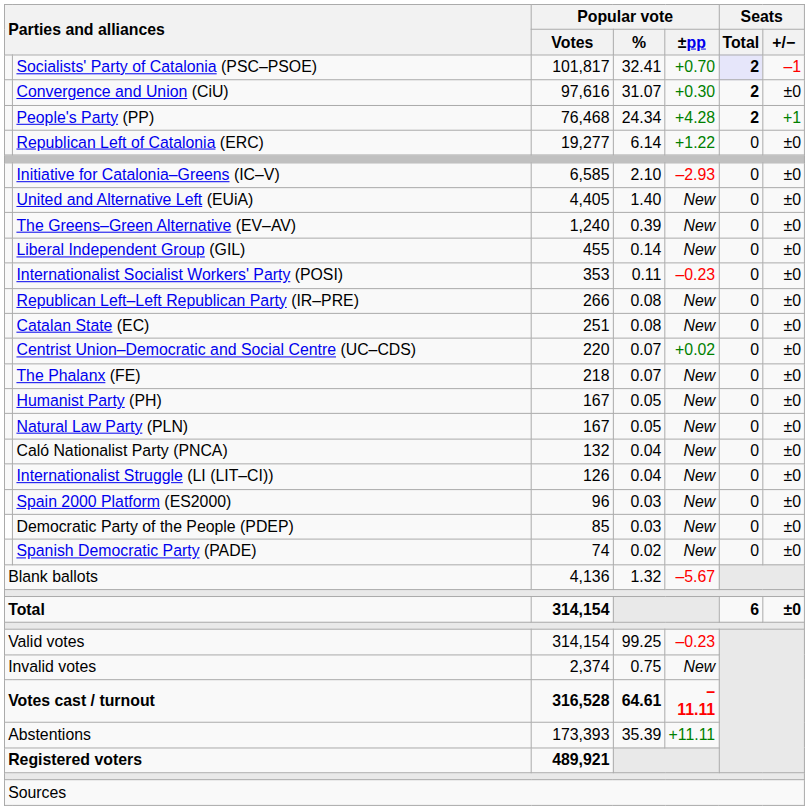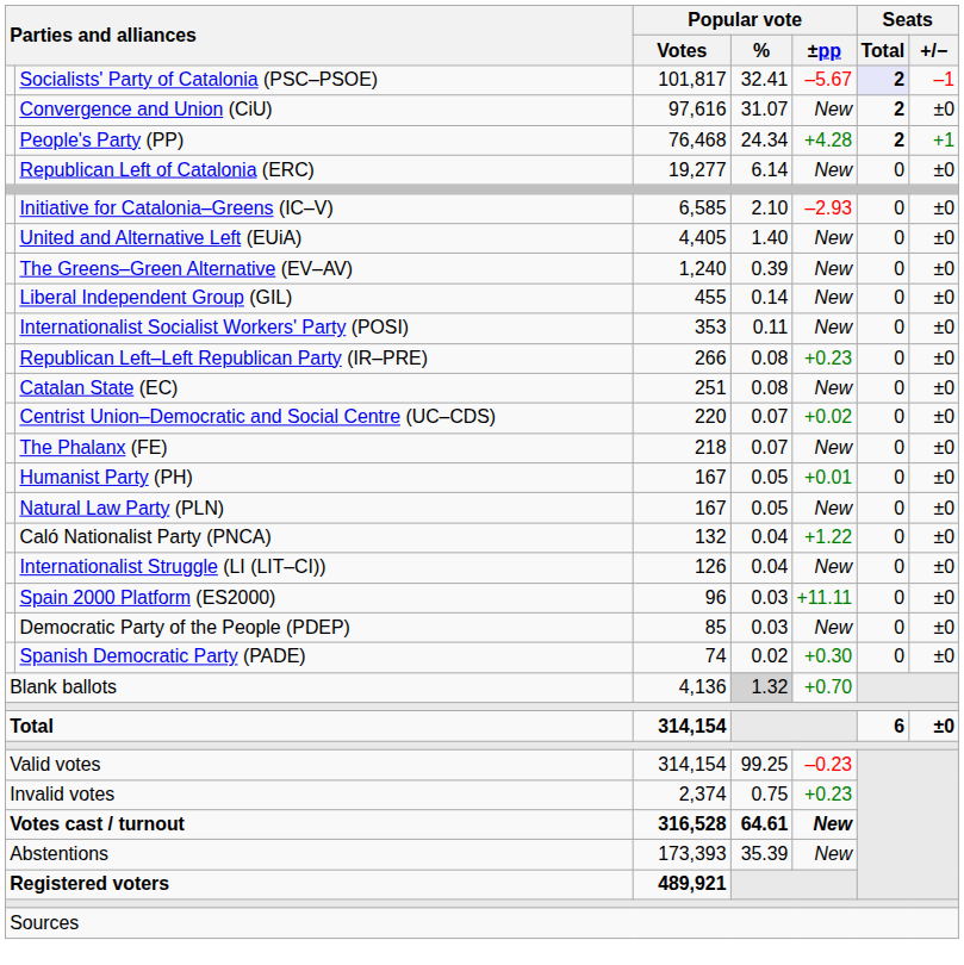 <table class="wikitable" style="text-align:right;">
 <tr>
 <th style="text-align:left;" rowspan="2" colspan="2" width="525">Parties and alliances</th>
 <th colspan="3">Popular vote</th>
 <th colspan="2">Seats</th>
 </tr>
 <tr>
 <th width="75">Votes</th>
 <th width="45">%</th>
 <th width="45">±<a href='#'>pp</a></th>
 <th width="35">Total</th>
 <th width="35">+/−</th>
 </tr>
 <tr>
 <td width="1" style="color:inherit;background:"></td>
 <td align="left"><a href='#'>Socialists' Party of Catalonia</a> (PSC–PSOE)</td>
 <td>101,817</td>
 <td>32.41</td>
-<td style="color:green;">+0.70</td>
+<td style="color:red;">–5.67</td>
 <td style="background: lavender;"><strong>2</strong></td>
 <td style="color:red;">–1</td>
 </tr>
 <tr>
 <td style="color:inherit;background:"></td>
 <td align="left"><a href='#'>Convergence and Union</a> (CiU)</td>
 <td>97,616</td>
 <td>31.07</td>
-<td style="color:green;">+0.30</td>
+<td><em>New</em></td>
 <td><strong>2</strong></td>
 <td>±0</td>
 </tr>
 <tr>
 <td style="color:inherit;background:"></td>
 <td align="left"><a href='#'>People's Party</a> (PP)</td>
 <td>76,468</td>
 <td>24.34</td>
 <td style="color:green;">+4.28</td>
 <td><strong>2</strong></td>
 <td style="color:green;">+1</td>
 </tr>
 <tr>
 <td style="color:inherit;background:"></td>
 <td align="left"><a href='#'>Republican Left of Catalonia</a> (ERC)</td>
 <td>19,277</td>
 <td>6.14</td>
-<td style="color:green;">+1.22</td>
+<td><em>New</em></td>
 <td>0</td>
 <td>±0</td>
 </tr>
 <tr>
 <td colspan="7" bgcolor="#C0C0C0"></td>
 </tr>
 <tr>
 <td style="color:inherit;background:"></td>
 <td align="left"><a href='#'>Initiative for Catalonia–Greens</a> (IC–V)</td>
 <td>6,585</td>
 <td>2.10</td>
 <td style="color:red;">–2.93</td>
 <td>0</td>
 <td>±0</td>
 </tr>
 <tr>
 <td style="color:inherit;background:"></td>
 <td align="left"><a href='#'>United and Alternative Left</a> (EUiA)</td>
 <td>4,405</td>
 <td>1.40</td>
 <td><em>New</em></td>
 <td>0</td>
 <td>±0</td>
 </tr>
 <tr>
 <td style="color:inherit;background:"></td>
 <td align="left"><a href='#'>The Greens–Green Alternative</a> (EV–AV)</td>
 <td>1,240</td>
 <td>0.39</td>
 <td><em>New</em></td>
 <td>0</td>
 <td>±0</td>
 </tr>
 <tr>
 <td style="color:inherit;background:"></td>
 <td align="left"><a href='#'>Liberal Independent Group</a> (GIL)</td>
 <td>455</td>
 <td>0.14</td>
 <td><em>New</em></td>
 <td>0</td>
 <td>±0</td>
 </tr>
 <tr>
 <td style="color:inherit;background:"></td>
 <td align="left"><a href='#'>Internationalist Socialist Workers' Party</a> (POSI)</td>
 <td>353</td>
 <td>0.11</td>
-<td style="color:red;">–0.23</td>
+<td><em>New</em></td>
 <td>0</td>
 <td>±0</td>
 </tr>
 <tr>
 <td style="color:inherit;background:"></td>
 <td align="left"><a href='#'>Republican Left–Left Republican Party</a> (IR–PRE)</td>
 <td>266</td>
 <td>0.08</td>
-<td><em>New</em></td>
+<td style="color:green;">+0.23</td>
 <td>0</td>
 <td>±0</td>
 </tr>
 <tr>
 <td style="color:inherit;background:"></td>
 <td align="left"><a href='#'>Catalan State</a> (EC)</td>
 <td>251</td>
 <td>0.08</td>
 <td><em>New</em></td>
 <td>0</td>
 <td>±0</td>
 </tr>
 <tr>
 <td style="color:inherit;background:"></td>
 <td align="left"><a href='#'>Centrist Union–Democratic and Social Centre</a> (UC–CDS)</td>
 <td>220</td>
 <td>0.07</td>
 <td style="color:green;">+0.02</td>
 <td>0</td>
 <td>±0</td>
 </tr>
 <tr>
 <td style="color:inherit;background:"></td>
 <td align="left"><a href='#'>The Phalanx</a> (FE)</td>
 <td>218</td>
 <td>0.07</td>
 <td><em>New</em></td>
 <td>0</td>
 <td>±0</td>
 </tr>
 <tr>
 <td style="color:inherit;background:"></td>
 <td align="left"><a href='#'>Humanist Party</a> (PH)</td>
 <td>167</td>
 <td>0.05</td>
-<td><em>New</em></td>
+<td style="color:green;">+0.01</td>
 <td>0</td>
 <td>±0</td>
 </tr>
 <tr>
 <td style="color:inherit;background:"></td>
 <td align="left"><a href='#'>Natural Law Party</a> (PLN)</td>
 <td>167</td>
 <td>0.05</td>
 <td><em>New</em></td>
 <td>0</td>
 <td>±0</td>
 </tr>
 <tr>
 <td style="color:inherit;background:"></td>
 <td align="left">Caló Nationalist Party (PNCA)</td>
 <td>132</td>
 <td>0.04</td>
-<td><em>New</em></td>
+<td style="color:green;">+1.22</td>
 <td>0</td>
 <td>±0</td>
 </tr>
 <tr>
 <td style="color:inherit;background:"></td>
 <td align="left"><a href='#'>Internationalist Struggle</a> (LI (LIT–CI))</td>
 <td>126</td>
 <td>0.04</td>
 <td><em>New</em></td>
 <td>0</td>
 <td>±0</td>
 </tr>
 <tr>
 <td style="color:inherit;background:"></td>
 <td align="left"><a href='#'>Spain 2000 Platform</a> (ES2000)</td>
 <td>96</td>
 <td>0.03</td>
-<td><em>New</em></td>
+<td style="color:green;">+11.11</td>
 <td>0</td>
 <td>±0</td>
 </tr>
 <tr>
 <td bgcolor="white"></td>
 <td align="left">Democratic Party of the People (PDEP)</td>
 <td>85</td>
 <td>0.03</td>
 <td><em>New</em></td>
 <td>0</td>
 <td>±0</td>
 </tr>
 <tr>
 <td style="color:inherit;background:"></td>
 <td align="left"><a href='#'>Spanish Democratic Party</a> (PADE)</td>
 <td>74</td>
 <td>0.02</td>
-<td><em>New</em></td>
+<td style="color:green;">+0.30</td>
 <td>0</td>
 <td>±0</td>
 </tr>
 <tr>
 <td align="left" colspan="2">Blank ballots</td>
 <td>4,136</td>
-<td>1.32</td>
-<td style="color:red;">–5.67</td>
+<td style="background: lightgrey;">1.32</td>
+<td style="color:green;">+0.70</td>
 <td bgcolor="#E9E9E9" colspan="2"></td>
 </tr>
 <tr>
 <td colspan="7" bgcolor="#E9E9E9"></td>
 </tr>
 <tr style="font-weight:bold;">
 <td align="left" colspan="2">Total</td>
 <td>314,154</td>
 <td bgcolor="#E9E9E9" colspan="2"></td>
 <td>6</td>
 <td>±0</td>
 </tr>
 <tr>
 <td colspan="7" bgcolor="#E9E9E9"></td>
 </tr>
 <tr>
 <td align="left" colspan="2">Valid votes</td>
 <td>314,154</td>
 <td>99.25</td>
 <td style="color:red;">–0.23</td>
 <td bgcolor="#E9E9E9" colspan="2" rowspan="5"></td>
 </tr>
 <tr>
 <td align="left" colspan="2">Invalid votes</td>
 <td>2,374</td>
 <td>0.75</td>
-<td><em>New</em></td>
+<td style="color:green;">+0.23</td>
 </tr>
 <tr style="font-weight:bold;">
 <td align="left" colspan="2">Votes cast / turnout</td>
 <td>316,528</td>
 <td>64.61</td>
-<td style="color:red;">–11.11</td>
+<td><em>New</em></td>
 </tr>
 <tr>
 <td align="left" colspan="2">Abstentions</td>
 <td>173,393</td>
 <td>35.39</td>
-<td style="color:green;">+11.11</td>
+<td><em>New</em></td>
 </tr>
 <tr style="font-weight:bold;">
 <td align="left" colspan="2">Registered voters</td>
 <td>489,921</td>
 <td bgcolor="#E9E9E9" colspan="2"></td>
 </tr>
 <tr>
 <td colspan="7" bgcolor="#E9E9E9"></td>
 </tr>
 <tr>
 <td align="left" colspan="7">Sources</td>
 </tr>
 </table>
